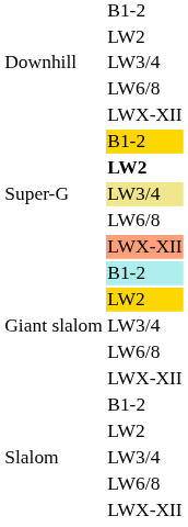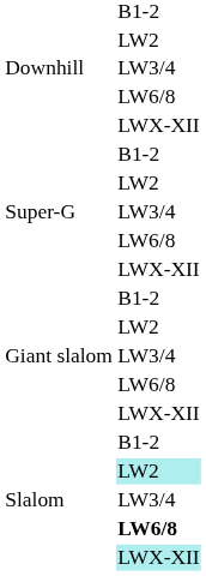 <table>
 <tr>
 <td rowspan="5">Downhill</td>
 <td>B1-2<br></td>
 <td></td>
 <td></td>
 <td></td>
 </tr>
 <tr>
 <td>LW2<br></td>
 <td></td>
 <td></td>
 <td></td>
 </tr>
 <tr>
 <td>LW3/4<br></td>
 <td></td>
 <td></td>
 <td></td>
 </tr>
 <tr>
 <td>LW6/8<br></td>
 <td></td>
 <td></td>
 <td></td>
 </tr>
 <tr>
 <td>LWX-XII<br></td>
 <td></td>
 <td></td>
 <td></td>
 </tr>
 <tr>
 <td rowspan="5">Super-G</td>
-<td style="background: gold;">B1-2<br></td>
+<td>B1-2<br></td>
 <td></td>
 <td></td>
 <td></td>
 </tr>
 <tr>
-<td><strong>LW2<br></strong></td>
+<td>LW2<br></td>
 <td></td>
 <td></td>
 <td></td>
 </tr>
 <tr>
-<td style="background: khaki;">LW3/4<br></td>
+<td>LW3/4<br></td>
 <td></td>
 <td></td>
 <td></td>
 </tr>
 <tr>
 <td>LW6/8<br></td>
 <td></td>
 <td></td>
 <td></td>
 </tr>
 <tr>
-<td style="background: lightsalmon;">LWX-XII<br></td>
+<td>LWX-XII<br></td>
 <td></td>
 <td></td>
 <td></td>
 </tr>
 <tr>
 <td rowspan="5">Giant slalom</td>
-<td style="background: paleturquoise;">B1-2<br></td>
+<td>B1-2<br></td>
 <td></td>
 <td></td>
 <td></td>
 </tr>
 <tr>
-<td style="background: gold;">LW2<br></td>
+<td>LW2<br></td>
 <td></td>
 <td></td>
 <td></td>
 </tr>
 <tr>
 <td>LW3/4<br></td>
 <td></td>
 <td></td>
 <td></td>
 </tr>
 <tr>
 <td>LW6/8<br></td>
 <td></td>
 <td></td>
 <td></td>
 </tr>
 <tr>
 <td>LWX-XII<br></td>
 <td></td>
 <td></td>
 <td></td>
 </tr>
 <tr>
 <td rowspan="5">Slalom</td>
 <td>B1-2<br></td>
 <td></td>
 <td></td>
 <td></td>
 </tr>
 <tr>
-<td>LW2<br></td>
+<td style="background: paleturquoise;">LW2<br></td>
 <td></td>
 <td></td>
 <td></td>
 </tr>
 <tr>
 <td>LW3/4<br></td>
 <td></td>
 <td></td>
 <td></td>
 </tr>
 <tr>
-<td>LW6/8<br></td>
+<td><strong>LW6/8<br></strong></td>
 <td></td>
 <td></td>
 <td></td>
 </tr>
 <tr>
-<td>LWX-XII<br></td>
+<td style="background: paleturquoise;">LWX-XII<br></td>
 <td></td>
 <td></td>
 <td></td>
 </tr>
 </table>
